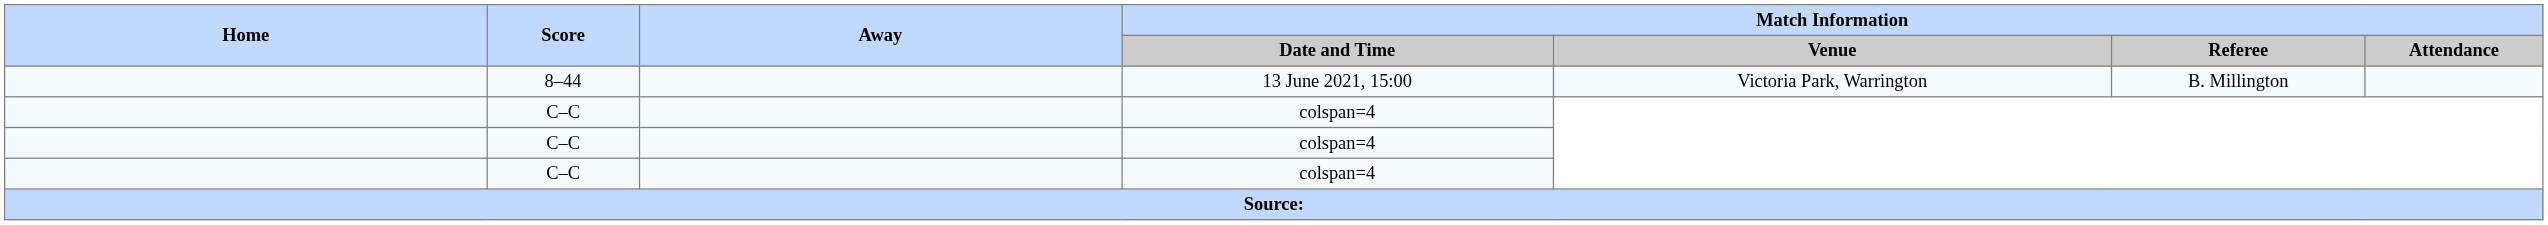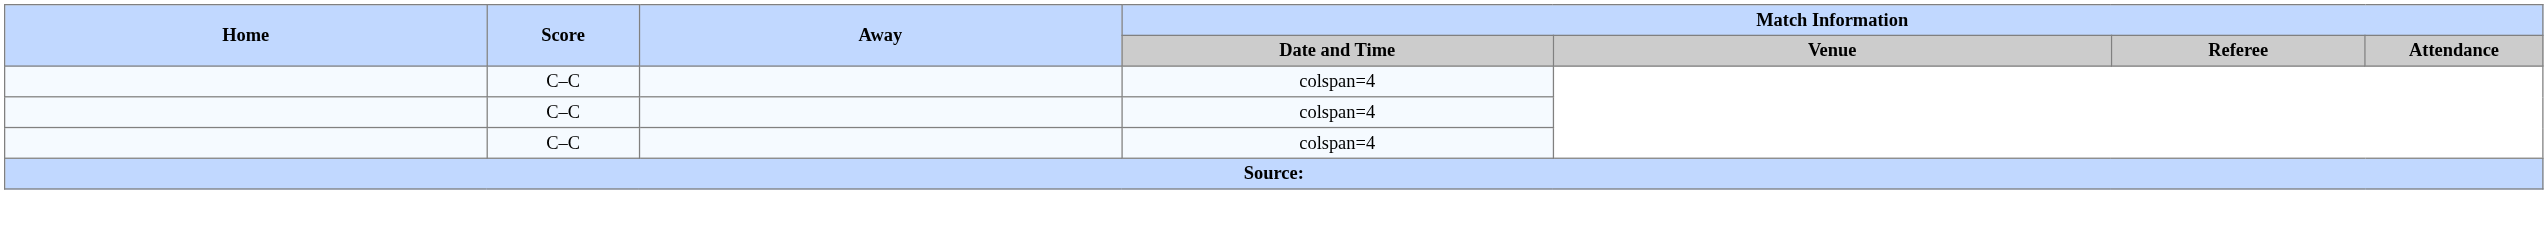 <table border=1 style="border-collapse:collapse; font-size:90%; text-align:center;" cellpadding=3 cellspacing=0 width=100%>
 <tr style="background:#C1D8ff;">
 <th scope="col" rowspan=2 width=19%>Home</th>
 <th scope="col" rowspan=2 width=6%>Score</th>
 <th scope="col" rowspan=2 width=19%>Away</th>
 <th colspan=4>Match Information</th>
 </tr>
 <tr style="background:#CCCCCC;">
 <th scope="col" width=17%>Date and Time</th>
 <th scope="col" width=22%>Venue</th>
 <th scope="col" width=10%>Referee</th>
 <th scope="col" width=7%>Attendance</th>
-</tr>
-<tr style="background:#F5FAFF;">
-<td></td>
-<td>8–44</td>
-<td></td>
-<td>13 June 2021, 15:00</td>
-<td>Victoria Park, Warrington</td>
-<td>B. Millington</td>
-<td></td>
 </tr>
 <tr style="background:#F5FAFF;">
 <td></td>
 <td>C–C</td>
 <td></td>
 <td>colspan=4 </td>
 </tr>
 <tr style="background:#F5FAFF;">
 <td></td>
 <td>C–C</td>
 <td></td>
 <td>colspan=4 </td>
 </tr>
 <tr style="background:#F5FAFF;">
 <td></td>
 <td>C–C</td>
 <td></td>
 <td>colspan=4 </td>
 </tr>
 <tr style="background:#c1d8ff;">
 <th colspan=7>Source:</th>
 </tr>
 </table>
